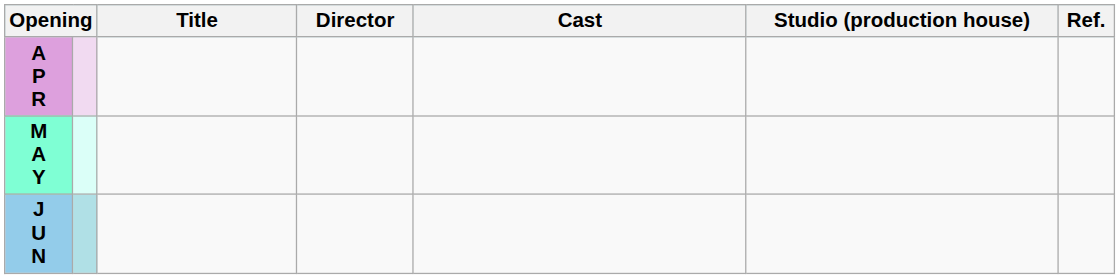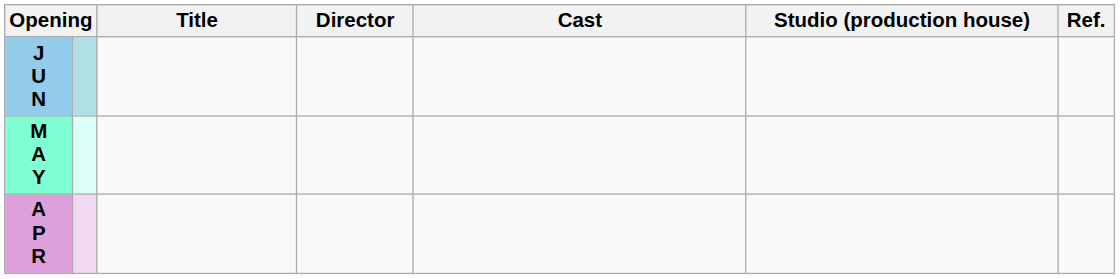 <table class="wikitable">
 <tr style="background:#b0e0e6; text-align:center;">
 <th colspan="2" style="width:6%;"><strong>Opening</strong></th>
 <th style="width:18%;"><strong>Title</strong></th>
 <th style="width:10.5%;"><strong>Director</strong></th>
 <th style="width:30%;"><strong>Cast</strong></th>
 <th>Studio (production house)</th>
 <th>Ref.</th>
 </tr>
 <tr>
-<td style="text-align:center; background:plum; textcolor:#000;"><strong>A<br>P<br>R</strong></td>
-<td style="text-align:center;background:#f1daf1;"></td>
+<td style="text-align:center; background:#93CCEA; textcolor:#000;"><strong>J<br>U<br>N</strong></td>
+<td style="text-align:center;background:#B0E0E6;"></td>
 <td style="text-align:center;"></td>
 <td></td>
 <td></td>
 <td></td>
 <td></td>
 </tr>
 <tr>
 <td style="text-align:center; background:#7FFFD4; textcolor:#000;"><strong>M<br>A<br>Y</strong></td>
 <td style="text-align:center; background:#dbfff8; textcolor:#000;"></td>
 <td style="text-align:center;"></td>
 <td></td>
 <td></td>
 <td></td>
 <td></td>
 </tr>
 <tr>
-<td style="text-align:center; background:#93CCEA; textcolor:#000;"><strong>J<br>U<br>N</strong></td>
-<td style="text-align:center;background:#B0E0E6;"></td>
+<td style="text-align:center; background:plum; textcolor:#000;"><strong>A<br>P<br>R</strong></td>
+<td style="text-align:center;background:#f1daf1;"></td>
 <td style="text-align:center;"></td>
 <td></td>
 <td></td>
 <td></td>
 <td></td>
 </tr>
 </table>
